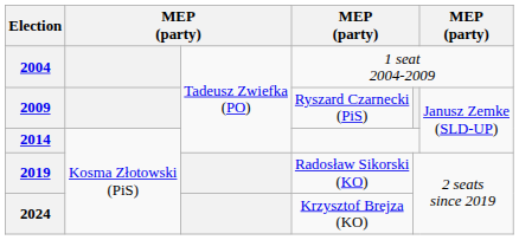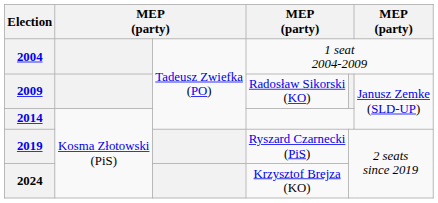 <table class= "wikitable" style= "text-align:center">
 <tr>
 <th>Election</th>
 <th colspan=2>MEP<br>(party)</th>
 <th colspan=2>MEP<br>(party)</th>
 <th colspan=2>MEP<br>(party)</th>
 </tr>
 <tr>
 <th><a href='#'>2004</a></th>
 <th style="background-color: "></th>
 <td rowspan=3><a href='#'>Tadeusz Zwiefka</a><br>(<a href='#'>PO</a>)</td>
 <td colspan=4 rowspan=1><em>1 seat<br>2004-2009</em></td>
 </tr>
 <tr>
 <th><a href='#'>2009</a></th>
 <th style="background-color: "></th>
-<td rowspan=1><a href='#'>Ryszard Czarnecki</a><br>(<a href='#'>PiS</a>)</td>
+<td><a href='#'>Radosław Sikorski</a><br>(<a href='#'>KO</a>)</td>
 <th style="background-color: "></th>
 <td rowspan=2><a href='#'>Janusz Zemke</a><br>(<a href='#'>SLD-UP</a>)</td>
 </tr>
 <tr>
 <th><a href='#'>2014</a></th>
 <td rowspan=3><a href='#'>Kosma Złotowski</a><br>(PiS)</td>
 </tr>
 <tr>
 <th><a href='#'>2019</a></th>
 <th style="background-color: "></th>
-<td><a href='#'>Radosław Sikorski</a><br>(<a href='#'>KO</a>)</td>
+<td rowspan=1><a href='#'>Ryszard Czarnecki</a><br>(<a href='#'>PiS</a>)</td>
 <td colspan=2 rowspan=2><em>2 seats<br>since 2019</em></td>
 </tr>
 <tr>
 <th>2024</th>
 <th style="background-color: "></th>
 <td><a href='#'>Krzysztof Brejza</a><br>(KO)</td>
 </tr>
 </table>
